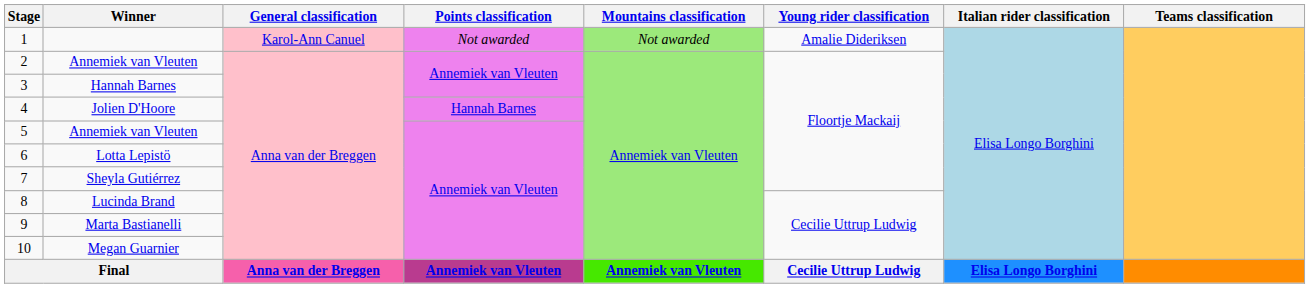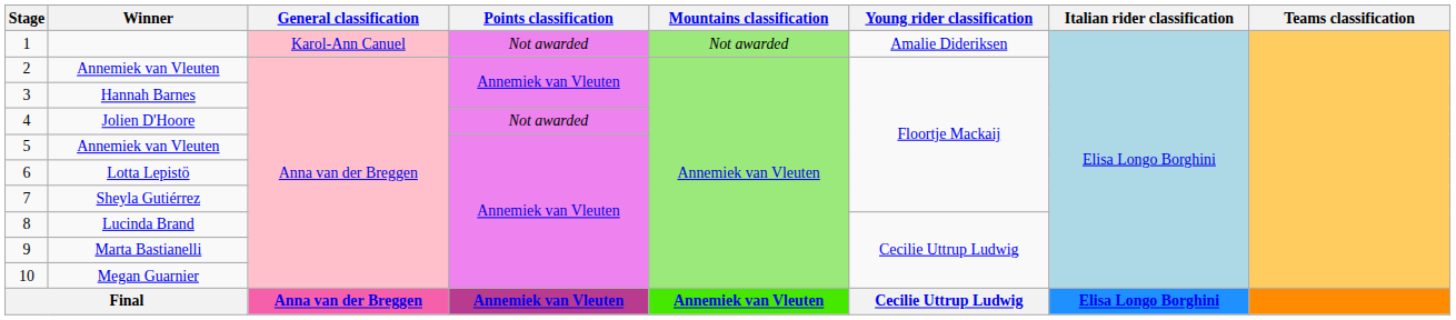 <table class="wikitable" style="text-align: center; font-size:smaller;">
 <tr style="background-color: #efefef;">
 <th width="2%">Stage</th>
 <th width="14%">Winner</th>
 <th width="14%"><a href='#'>General classification</a><br></th>
 <th width="14%"><a href='#'>Points classification</a><br></th>
 <th width="14%"><a href='#'>Mountains classification</a><br></th>
 <th width="14%"><a href='#'>Young rider classification</a><br></th>
 <th width="14%">Italian rider classification<br></th>
 <th width="14%">Teams classification<br></th>
 </tr>
 <tr>
 <td scope=row>1</td>
 <td></td>
 <td style="background:pink;"><a href='#'>Karol-Ann Canuel</a></td>
 <td style="background:violet;"><em>Not awarded</em></td>
 <td style="background:#9CE97B;"><em>Not awarded</em></td>
 <td style="background:offwhite;"><a href='#'>Amalie Dideriksen</a></td>
 <td style="background:lightblue;" rowspan=10><a href='#'>Elisa Longo Borghini</a></td>
 <td style="background:#FFCD5F;" rowspan=10></td>
 </tr>
 <tr>
 <td scope=row>2</td>
 <td><a href='#'>Annemiek van Vleuten</a></td>
 <td style="background:pink;" rowspan=9><a href='#'>Anna van der Breggen</a></td>
 <td style="background:violet;" rowspan=2><a href='#'>Annemiek van Vleuten</a></td>
 <td style="background:#9CE97B;" rowspan=9><a href='#'>Annemiek van Vleuten</a></td>
 <td style="background:offwhite;" rowspan=6><a href='#'>Floortje Mackaij</a></td>
 </tr>
 <tr>
 <td scope=row>3</td>
 <td><a href='#'>Hannah Barnes</a></td>
 </tr>
 <tr>
 <td scope=row>4</td>
 <td><a href='#'>Jolien D'Hoore</a></td>
-<td style="background:violet;"><a href='#'>Hannah Barnes</a></td>
+<td style="background:violet;"><em>Not awarded</em></td>
 </tr>
 <tr>
 <td scope=row>5</td>
 <td><a href='#'>Annemiek van Vleuten</a></td>
 <td style="background:violet;" rowspan=6><a href='#'>Annemiek van Vleuten</a></td>
 </tr>
 <tr>
 <td scope=row>6</td>
 <td><a href='#'>Lotta Lepistö</a></td>
 </tr>
 <tr>
 <td scope=row>7</td>
 <td><a href='#'>Sheyla Gutiérrez</a></td>
 </tr>
 <tr>
 <td scope=row>8</td>
 <td><a href='#'>Lucinda Brand</a></td>
 <td style="background:offwhite;" rowspan=3><a href='#'>Cecilie Uttrup Ludwig</a></td>
 </tr>
 <tr>
 <td scope=row>9</td>
 <td><a href='#'>Marta Bastianelli</a></td>
 </tr>
 <tr>
 <td scope=row>10</td>
 <td><a href='#'>Megan Guarnier</a></td>
 </tr>
 <tr>
 <th colspan="2">Final</th>
 <th style="background:#F660AB;"><a href='#'>Anna van der Breggen</a></th>
 <th style="background:#B93B8F;"><a href='#'>Annemiek van Vleuten</a></th>
 <th style="background:#46E800;"><a href='#'>Annemiek van Vleuten</a></th>
 <th style="background:offwhite;"><a href='#'>Cecilie Uttrup Ludwig</a></th>
 <th style="background:dodgerblue;"><a href='#'>Elisa Longo Borghini</a></th>
 <th style="background:#FF8C00;"></th>
 </tr>
 </table>
